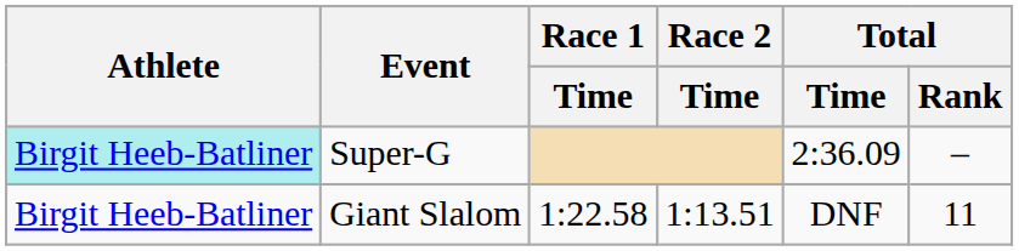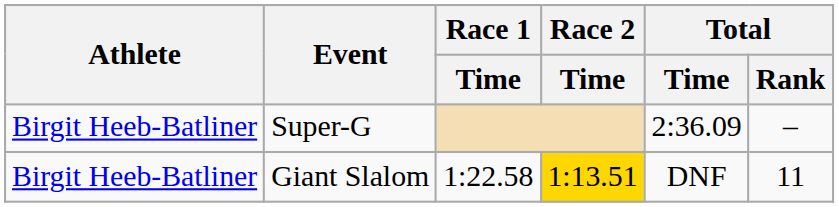 <table class="wikitable" style="font-size:90%">
 <tr>
 <th rowspan="2">Athlete</th>
 <th rowspan="2">Event</th>
 <th>Race 1</th>
 <th>Race 2</th>
 <th colspan="2">Total</th>
 </tr>
 <tr>
 <th>Time</th>
 <th>Time</th>
 <th>Time</th>
 <th>Rank</th>
 </tr>
 <tr>
-<td style="background: paleturquoise;"><a href='#'>Birgit Heeb-Batliner</a></td>
+<td><a href='#'>Birgit Heeb-Batliner</a></td>
 <td>Super-G</td>
 <td colspan="2" bgcolor="wheat"></td>
 <td align="center">2:36.09</td>
 <td align="center">–</td>
 </tr>
 <tr>
 <td><a href='#'>Birgit Heeb-Batliner</a></td>
 <td>Giant Slalom</td>
 <td align="center">1:22.58</td>
-<td align="center">1:13.51</td>
+<td align="center" style="background: gold;">1:13.51</td>
 <td align="center">DNF</td>
 <td align="center">11</td>
 </tr>
 </table>
